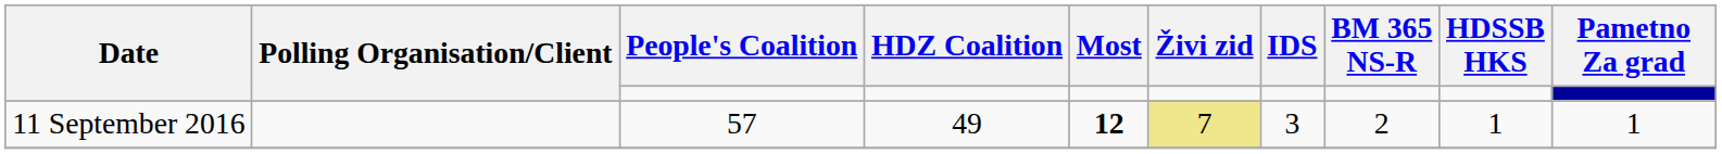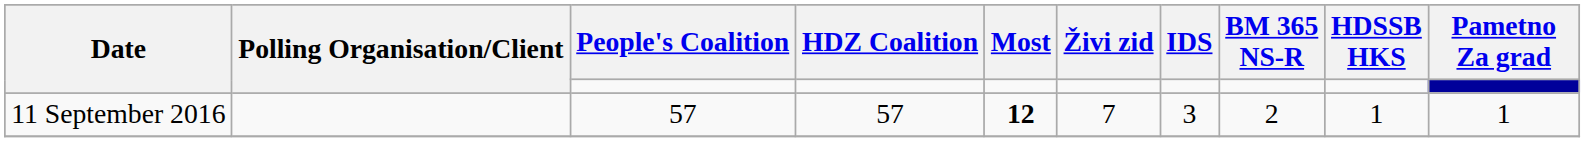 <table class="wikitable" style="text-align:center;">
 <tr>
 <th rowspan=2>Date</th>
 <th rowspan=2>Polling Organisation/Client</th>
 <th><a href='#'>People's Coalition</a></th>
 <th><a href='#'>HDZ Coalition</a></th>
 <th><a href='#'>Most</a></th>
 <th><a href='#'>Živi zid</a></th>
 <th><a href='#'>IDS</a></th>
 <th><a href='#'>BM 365</a><br><a href='#'>NS-R</a></th>
 <th><a href='#'>HDSSB</a><br><a href='#'>HKS</a></th>
 <th><a href='#'>Pametno</a><br><a href='#'>Za grad</a></th>
 </tr>
 <tr>
 <td style="background: "></td>
 <td style="background: "></td>
 <td style="background: "></td>
 <td style="background: "></td>
 <td style="background: "></td>
 <td style="background: "></td>
 <td style="background: "></td>
 <th style="background-color:#00009a; width:80px;"></th>
 </tr>
 <tr>
 <td>11 September 2016</td>
 <td></td>
 <td align=center>57</td>
-<td align=center>49</td>
+<td align=center>57</td>
 <td align=center><strong>12</strong></td>
-<td align=center style="background: khaki;">7</td>
+<td align=center>7</td>
 <td align=center>3</td>
 <td align=center>2</td>
 <td align=center>1</td>
 <td align=center>1</td>
 </tr>
 <tr>
 </tr>
 </table>
